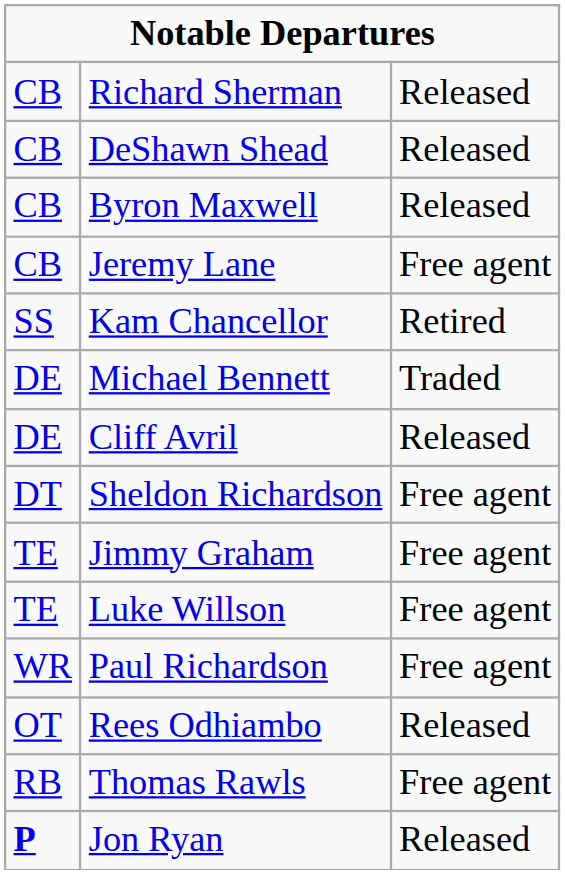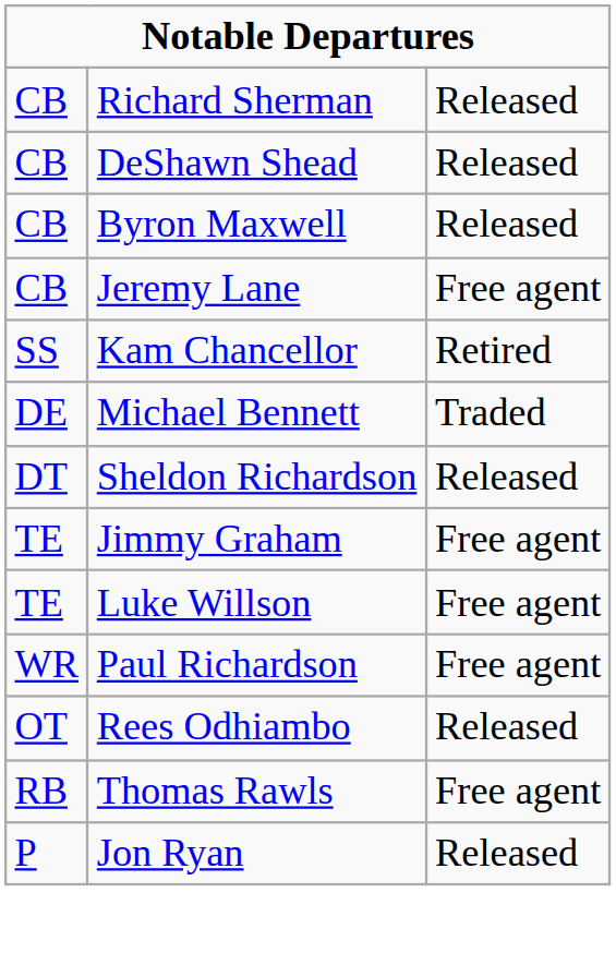 <table class="wikitable">
 <tr>
 <td colspan="3" style="text-align:center; "><strong>Notable Departures</strong></td>
 </tr>
 <tr>
 <td><a href='#'>CB</a></td>
 <td><a href='#'>Richard Sherman</a></td>
 <td>Released</td>
 </tr>
 <tr>
 <td><a href='#'>CB</a></td>
 <td><a href='#'>DeShawn Shead</a></td>
 <td>Released</td>
 </tr>
 <tr>
 <td><a href='#'>CB</a></td>
 <td><a href='#'>Byron Maxwell</a></td>
 <td>Released</td>
 </tr>
 <tr>
 <td><a href='#'>CB</a></td>
 <td><a href='#'>Jeremy Lane</a></td>
 <td>Free agent</td>
 </tr>
 <tr>
 <td><a href='#'>SS</a></td>
 <td><a href='#'>Kam Chancellor</a></td>
 <td>Retired</td>
 </tr>
 <tr>
 <td><a href='#'>DE</a></td>
 <td><a href='#'>Michael Bennett</a></td>
 <td>Traded</td>
 </tr>
 <tr>
-<td><a href='#'>DE</a></td>
-<td><a href='#'>Cliff Avril</a></td>
-<td>Released</td>
-</tr>
-<tr>
 <td><a href='#'>DT</a></td>
 <td><a href='#'>Sheldon Richardson</a></td>
-<td>Free agent</td>
+<td>Released</td>
 </tr>
 <tr>
 <td><a href='#'>TE</a></td>
 <td><a href='#'>Jimmy Graham</a></td>
 <td>Free agent</td>
 </tr>
 <tr>
 <td><a href='#'>TE</a></td>
 <td><a href='#'>Luke Willson</a></td>
 <td>Free agent</td>
 </tr>
 <tr>
 <td><a href='#'>WR</a></td>
 <td><a href='#'>Paul Richardson</a></td>
 <td>Free agent</td>
 </tr>
 <tr>
 <td><a href='#'>OT</a></td>
 <td><a href='#'>Rees Odhiambo</a></td>
 <td>Released</td>
 </tr>
 <tr>
 <td><a href='#'>RB</a></td>
 <td><a href='#'>Thomas Rawls</a></td>
 <td>Free agent</td>
 </tr>
 <tr>
-<td><strong><a href='#'>P</a></strong></td>
+<td><a href='#'>P</a></td>
 <td><a href='#'>Jon Ryan</a></td>
 <td>Released</td>
 </tr>
 </table>
